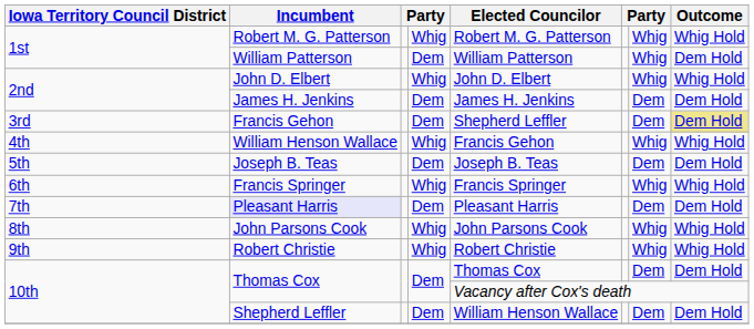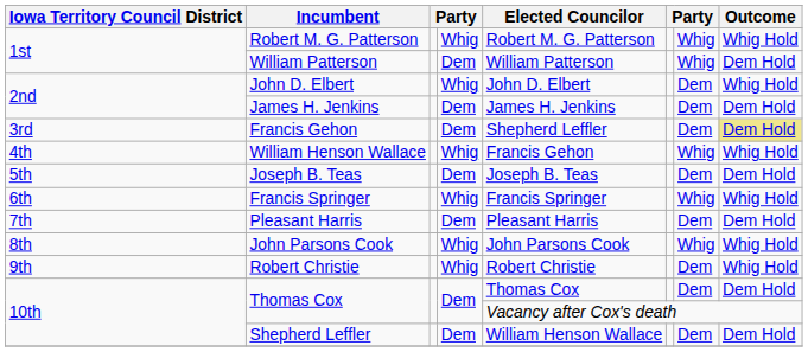 <table class="sortable wikitable" style="font-size:95%;line-height:14px;">
 <tr>
 <th class="sortable"><a href='#'>Iowa Territory Council</a> District</th>
 <th class="sortable"><a href='#'>Incumbent</a></th>
 <th colspan="2">Party</th>
 <th class="sortable">Elected Councilor</th>
 <th colspan="2">Party</th>
 <th class="sortable">Outcome</th>
 </tr>
 <tr>
 <td rowspan="2"><a href='#'>1st</a></td>
 <td><a href='#'>Robert M. G. Patterson</a></td>
 <td style="background:"></td>
 <td><a href='#'>Whig</a></td>
 <td><a href='#'>Robert M. G. Patterson</a></td>
 <td style="background:"></td>
 <td><a href='#'>Whig</a></td>
 <td><a href='#'>Whig Hold</a></td>
 </tr>
 <tr>
 <td><a href='#'>William Patterson</a></td>
 <td style="background:"></td>
 <td><a href='#'>Dem</a></td>
 <td><a href='#'>William Patterson</a></td>
 <td style="background:"></td>
 <td><a href='#'>Whig</a></td>
 <td><a href='#'>Dem Hold</a></td>
 </tr>
 <tr>
 <td rowspan="2"><a href='#'>2nd</a></td>
 <td><a href='#'>John D. Elbert</a></td>
 <td style="background:"></td>
 <td><a href='#'>Whig</a></td>
 <td><a href='#'>John D. Elbert</a></td>
 <td style="background:"></td>
-<td><a href='#'>Whig</a></td>
+<td><a href='#'>Dem</a></td>
 <td><a href='#'>Whig Hold</a></td>
 </tr>
 <tr>
 <td><a href='#'>James H. Jenkins</a></td>
 <td style="background:"></td>
 <td><a href='#'>Dem</a></td>
 <td><a href='#'>James H. Jenkins</a></td>
 <td style="background:"></td>
 <td><a href='#'>Dem</a></td>
 <td><a href='#'>Dem Hold</a></td>
 </tr>
 <tr>
 <td><a href='#'>3rd</a></td>
 <td><a href='#'>Francis Gehon</a></td>
 <td style="background:"></td>
 <td><a href='#'>Dem</a></td>
 <td><a href='#'>Shepherd Leffler</a></td>
 <td style="background:"></td>
 <td><a href='#'>Dem</a></td>
 <td style="background: khaki;"><a href='#'>Dem Hold</a></td>
 </tr>
 <tr>
 <td><a href='#'>4th</a></td>
 <td><a href='#'>William Henson Wallace</a></td>
 <td style="background:"></td>
 <td><a href='#'>Whig</a></td>
 <td><a href='#'>Francis Gehon</a></td>
 <td style="background:"></td>
 <td><a href='#'>Whig</a></td>
 <td><a href='#'>Whig Hold</a></td>
 </tr>
 <tr>
 <td><a href='#'>5th</a></td>
 <td><a href='#'>Joseph B. Teas</a></td>
 <td style="background:"></td>
 <td><a href='#'>Dem</a></td>
 <td><a href='#'>Joseph B. Teas</a></td>
 <td style="background:"></td>
 <td><a href='#'>Dem</a></td>
 <td><a href='#'>Dem Hold</a></td>
 </tr>
 <tr>
 <td><a href='#'>6th</a></td>
 <td><a href='#'>Francis Springer</a></td>
 <td style="background:"></td>
 <td><a href='#'>Whig</a></td>
 <td><a href='#'>Francis Springer</a></td>
 <td style="background:"></td>
 <td><a href='#'>Whig</a></td>
 <td><a href='#'>Whig Hold</a></td>
 </tr>
 <tr>
 <td><a href='#'>7th</a></td>
-<td style="background: lavender;"><a href='#'>Pleasant Harris</a></td>
+<td><a href='#'>Pleasant Harris</a></td>
 <td style="background:"></td>
 <td><a href='#'>Dem</a></td>
 <td><a href='#'>Pleasant Harris</a></td>
 <td style="background:"></td>
 <td><a href='#'>Dem</a></td>
 <td><a href='#'>Dem Hold</a></td>
 </tr>
 <tr>
 <td><a href='#'>8th</a></td>
 <td><a href='#'>John Parsons Cook</a></td>
 <td style="background:"></td>
 <td><a href='#'>Whig</a></td>
 <td><a href='#'>John Parsons Cook</a></td>
 <td style="background:"></td>
 <td><a href='#'>Whig</a></td>
 <td><a href='#'>Whig Hold</a></td>
 </tr>
 <tr>
 <td><a href='#'>9th</a></td>
 <td><a href='#'>Robert Christie</a></td>
 <td style="background:"></td>
 <td><a href='#'>Whig</a></td>
 <td><a href='#'>Robert Christie</a></td>
 <td style="background:"></td>
-<td><a href='#'>Whig</a></td>
+<td><a href='#'>Dem</a></td>
 <td><a href='#'>Whig Hold</a></td>
 </tr>
 <tr>
 <td rowspan="3"><a href='#'>10th</a></td>
 <td rowspan="2"><a href='#'>Thomas Cox</a></td>
 <td rowspan="2" style="background:"></td>
 <td rowspan="2"><a href='#'>Dem</a></td>
 <td><a href='#'>Thomas Cox</a></td>
 <td style="background:"></td>
 <td><a href='#'>Dem</a></td>
 <td><a href='#'>Dem Hold</a></td>
 </tr>
 <tr>
 <td colspan="5" ><em>Vacancy after Cox's death</em></td>
 </tr>
 <tr>
 <td><a href='#'>Shepherd Leffler</a></td>
 <td style="background:"></td>
 <td><a href='#'>Dem</a></td>
 <td><a href='#'>William Henson Wallace</a></td>
 <td style="background:"></td>
 <td><a href='#'>Dem</a></td>
 <td><a href='#'>Dem Hold</a></td>
 </tr>
 <tr>
 </tr>
 </table>
